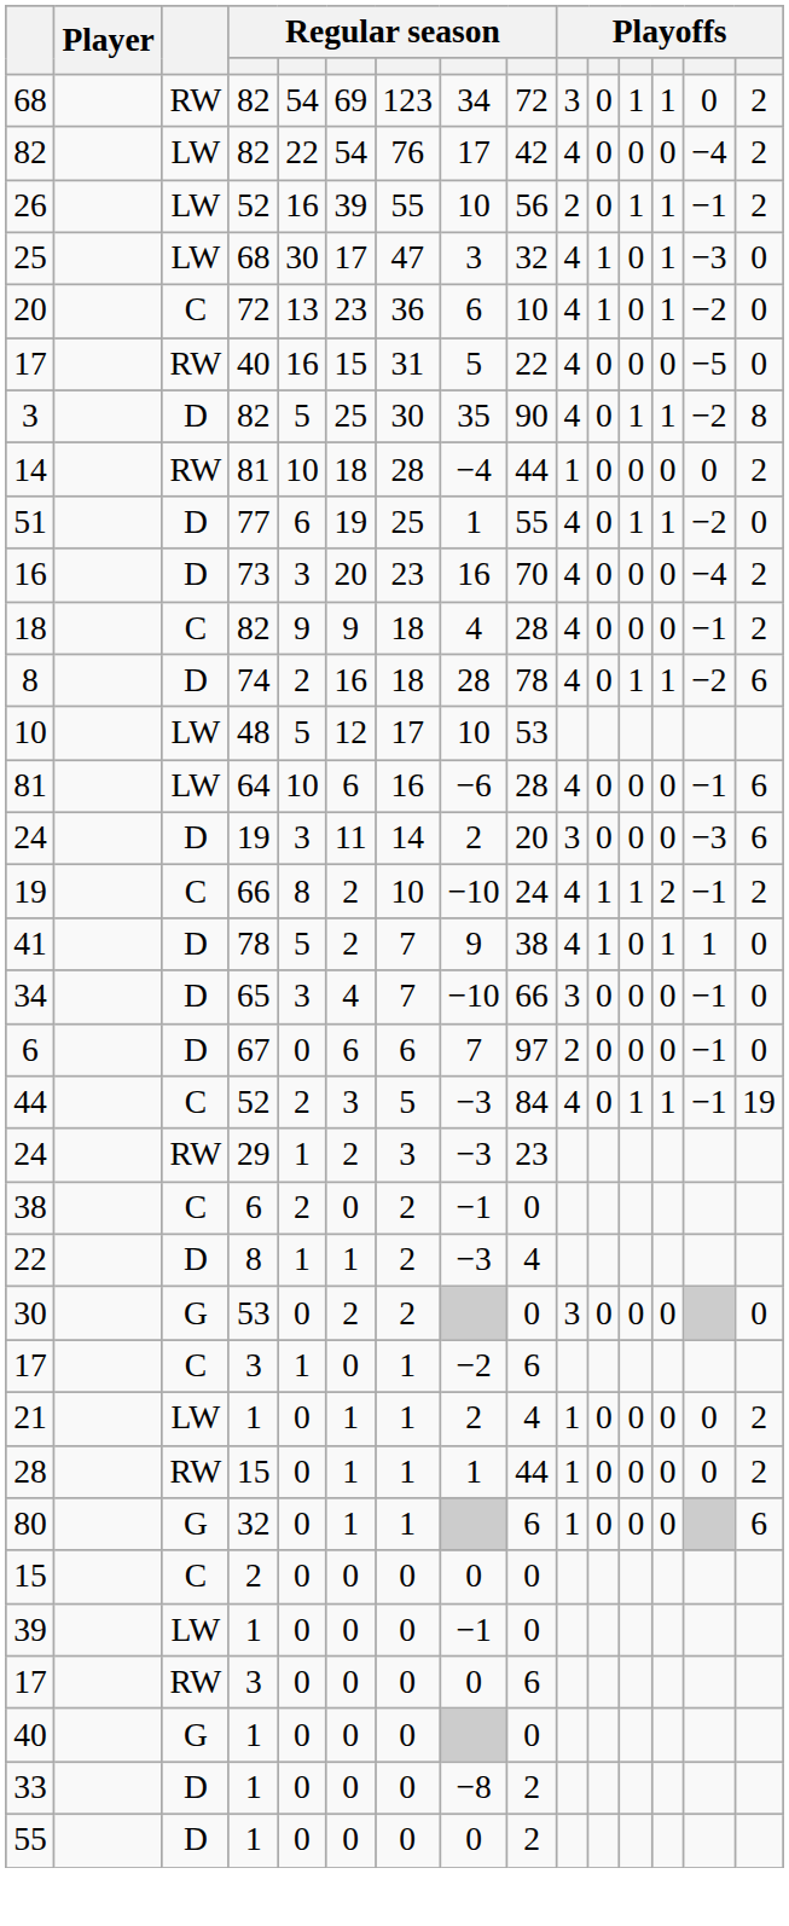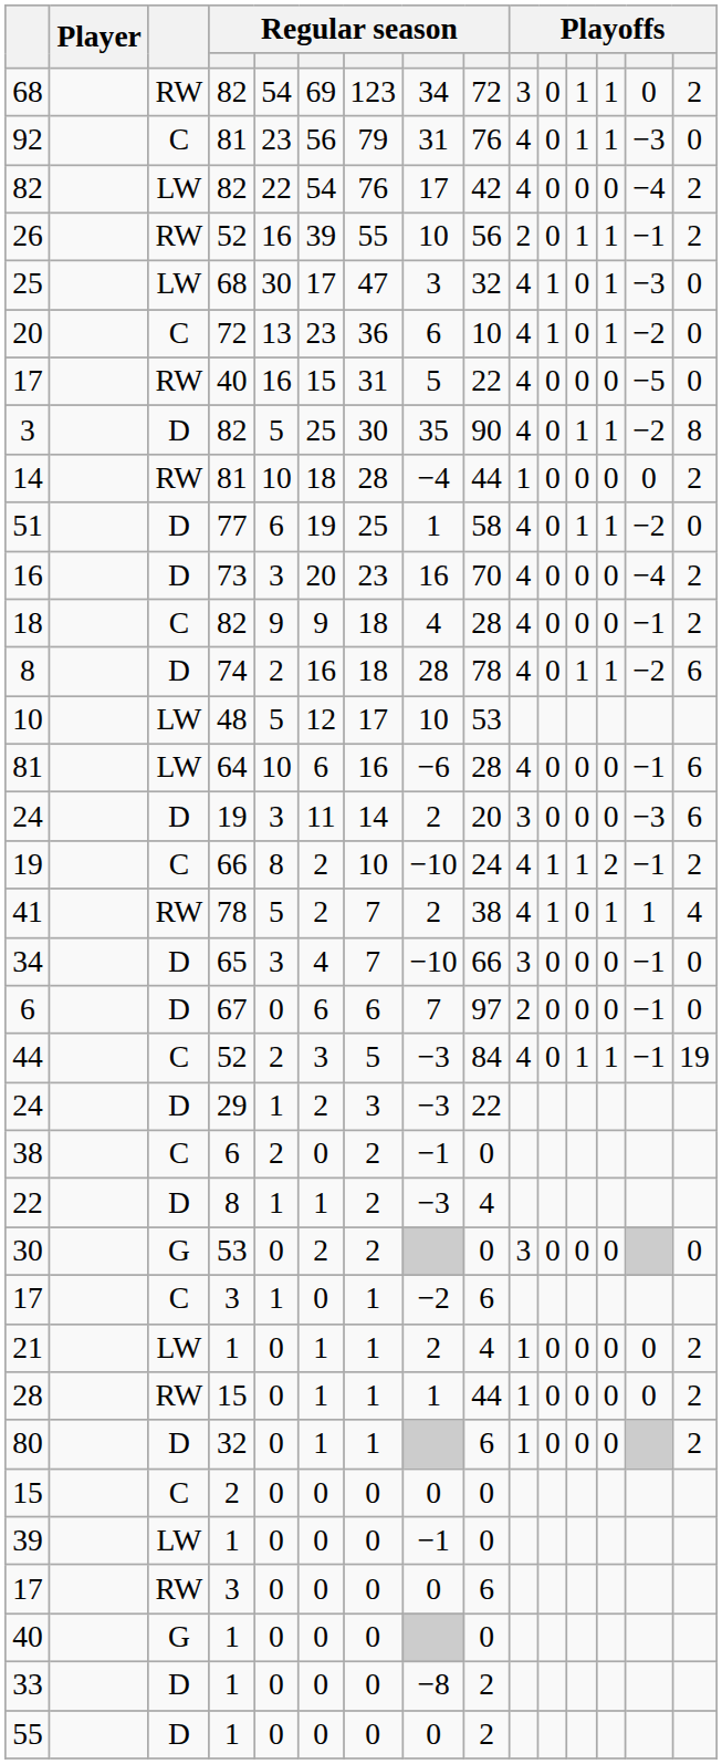 <table class="wikitable sortable plainrowheaders" style="text-align:center;">
 <tr>
 <th scope="col" data-sort-type="number" rowspan="2"></th>
 <th scope="col" rowspan="2">Player</th>
 <th scope="col" rowspan="2"></th>
 <th scope=colgroup colspan=6>Regular season</th>
 <th scope=colgroup colspan=6>Playoffs</th>
 </tr>
 <tr>
 <th scope="col" data-sort-type="number"></th>
 <th scope="col" data-sort-type="number"></th>
 <th scope="col" data-sort-type="number"></th>
 <th scope="col" data-sort-type="number"></th>
 <th scope="col" data-sort-type="number"></th>
 <th scope="col" data-sort-type="number"></th>
 <th scope="col" data-sort-type="number"></th>
 <th scope="col" data-sort-type="number"></th>
 <th scope="col" data-sort-type="number"></th>
 <th scope="col" data-sort-type="number"></th>
 <th scope="col" data-sort-type="number"></th>
 <th scope="col" data-sort-type="number"></th>
 </tr>
 <tr>
 <td scope="row">68</td>
 <td align="left"></td>
 <td>RW</td>
 <td>82</td>
 <td>54</td>
 <td>69</td>
 <td>123</td>
 <td>34</td>
 <td>72</td>
 <td>3</td>
 <td>0</td>
 <td>1</td>
 <td>1</td>
 <td>0</td>
 <td>2</td>
 </tr>
 <tr>
+<td scope="row">92</td>
+<td align="left"></td>
+<td>C</td>
+<td>81</td>
+<td>23</td>
+<td>56</td>
+<td>79</td>
+<td>31</td>
+<td>76</td>
+<td>4</td>
+<td>0</td>
+<td>1</td>
+<td>1</td>
+<td>−3</td>
+<td>0</td>
+</tr>
+<tr>
 <td scope="row">82</td>
 <td align="left"></td>
 <td>LW</td>
 <td>82</td>
 <td>22</td>
 <td>54</td>
 <td>76</td>
 <td>17</td>
 <td>42</td>
 <td>4</td>
 <td>0</td>
 <td>0</td>
 <td>0</td>
 <td>−4</td>
 <td>2</td>
 </tr>
 <tr>
 <td scope="row">26</td>
 <td align="left"></td>
-<td>LW</td>
+<td>RW</td>
 <td>52</td>
 <td>16</td>
 <td>39</td>
 <td>55</td>
 <td>10</td>
 <td>56</td>
 <td>2</td>
 <td>0</td>
 <td>1</td>
 <td>1</td>
 <td>−1</td>
 <td>2</td>
 </tr>
 <tr>
 <td scope="row">25</td>
 <td align="left"></td>
 <td>LW</td>
 <td>68</td>
 <td>30</td>
 <td>17</td>
 <td>47</td>
 <td>3</td>
 <td>32</td>
 <td>4</td>
 <td>1</td>
 <td>0</td>
 <td>1</td>
 <td>−3</td>
 <td>0</td>
 </tr>
 <tr>
 <td scope="row">20</td>
 <td align="left"></td>
 <td>C</td>
 <td>72</td>
 <td>13</td>
 <td>23</td>
 <td>36</td>
 <td>6</td>
 <td>10</td>
 <td>4</td>
 <td>1</td>
 <td>0</td>
 <td>1</td>
 <td>−2</td>
 <td>0</td>
 </tr>
 <tr>
 <td scope="row">17</td>
 <td align="left"></td>
 <td>RW</td>
 <td>40</td>
 <td>16</td>
 <td>15</td>
 <td>31</td>
 <td>5</td>
 <td>22</td>
 <td>4</td>
 <td>0</td>
 <td>0</td>
 <td>0</td>
 <td>−5</td>
 <td>0</td>
 </tr>
 <tr>
 <td scope="row">3</td>
 <td align="left"></td>
 <td>D</td>
 <td>82</td>
 <td>5</td>
 <td>25</td>
 <td>30</td>
 <td>35</td>
 <td>90</td>
 <td>4</td>
 <td>0</td>
 <td>1</td>
 <td>1</td>
 <td>−2</td>
 <td>8</td>
 </tr>
 <tr>
 <td scope="row">14</td>
 <td align="left"></td>
 <td>RW</td>
 <td>81</td>
 <td>10</td>
 <td>18</td>
 <td>28</td>
 <td>−4</td>
 <td>44</td>
 <td>1</td>
 <td>0</td>
 <td>0</td>
 <td>0</td>
 <td>0</td>
 <td>2</td>
 </tr>
 <tr>
 <td scope="row">51</td>
 <td align="left"></td>
 <td>D</td>
 <td>77</td>
 <td>6</td>
 <td>19</td>
 <td>25</td>
 <td>1</td>
-<td>55</td>
+<td>58</td>
 <td>4</td>
 <td>0</td>
 <td>1</td>
 <td>1</td>
 <td>−2</td>
 <td>0</td>
 </tr>
 <tr>
 <td scope="row">16</td>
 <td align="left"></td>
 <td>D</td>
 <td>73</td>
 <td>3</td>
 <td>20</td>
 <td>23</td>
 <td>16</td>
 <td>70</td>
 <td>4</td>
 <td>0</td>
 <td>0</td>
 <td>0</td>
 <td>−4</td>
 <td>2</td>
 </tr>
 <tr>
 <td scope="row">18</td>
 <td align="left"></td>
 <td>C</td>
 <td>82</td>
 <td>9</td>
 <td>9</td>
 <td>18</td>
 <td>4</td>
 <td>28</td>
 <td>4</td>
 <td>0</td>
 <td>0</td>
 <td>0</td>
 <td>−1</td>
 <td>2</td>
 </tr>
 <tr>
 <td scope="row">8</td>
 <td align="left"></td>
 <td>D</td>
 <td>74</td>
 <td>2</td>
 <td>16</td>
 <td>18</td>
 <td>28</td>
 <td>78</td>
 <td>4</td>
 <td>0</td>
 <td>1</td>
 <td>1</td>
 <td>−2</td>
 <td>6</td>
 </tr>
 <tr>
 <td scope="row">10</td>
 <td align="left"></td>
 <td>LW</td>
 <td>48</td>
 <td>5</td>
 <td>12</td>
 <td>17</td>
 <td>10</td>
 <td>53</td>
 <td></td>
 <td></td>
 <td></td>
 <td></td>
 <td></td>
 <td></td>
 </tr>
 <tr>
 <td scope="row">81</td>
 <td align="left"></td>
 <td>LW</td>
 <td>64</td>
 <td>10</td>
 <td>6</td>
 <td>16</td>
 <td>−6</td>
 <td>28</td>
 <td>4</td>
 <td>0</td>
 <td>0</td>
 <td>0</td>
 <td>−1</td>
 <td>6</td>
 </tr>
 <tr>
 <td scope="row">24</td>
 <td align="left"></td>
 <td>D</td>
 <td>19</td>
 <td>3</td>
 <td>11</td>
 <td>14</td>
 <td>2</td>
 <td>20</td>
 <td>3</td>
 <td>0</td>
 <td>0</td>
 <td>0</td>
 <td>−3</td>
 <td>6</td>
 </tr>
 <tr>
 <td scope="row">19</td>
 <td align="left"></td>
 <td>C</td>
 <td>66</td>
 <td>8</td>
 <td>2</td>
 <td>10</td>
 <td>−10</td>
 <td>24</td>
 <td>4</td>
 <td>1</td>
 <td>1</td>
 <td>2</td>
 <td>−1</td>
 <td>2</td>
 </tr>
 <tr>
 <td scope="row">41</td>
 <td align="left"></td>
-<td>D</td>
+<td>RW</td>
 <td>78</td>
 <td>5</td>
 <td>2</td>
 <td>7</td>
-<td>9</td>
+<td>2</td>
 <td>38</td>
 <td>4</td>
 <td>1</td>
 <td>0</td>
 <td>1</td>
 <td>1</td>
-<td>0</td>
+<td>4</td>
 </tr>
 <tr>
 <td scope="row">34</td>
 <td align="left"></td>
 <td>D</td>
 <td>65</td>
 <td>3</td>
 <td>4</td>
 <td>7</td>
 <td>−10</td>
 <td>66</td>
 <td>3</td>
 <td>0</td>
 <td>0</td>
 <td>0</td>
 <td>−1</td>
 <td>0</td>
 </tr>
 <tr>
 <td scope="row">6</td>
 <td align="left"></td>
 <td>D</td>
 <td>67</td>
 <td>0</td>
 <td>6</td>
 <td>6</td>
 <td>7</td>
 <td>97</td>
 <td>2</td>
 <td>0</td>
 <td>0</td>
 <td>0</td>
 <td>−1</td>
 <td>0</td>
 </tr>
 <tr>
 <td scope="row">44</td>
 <td align="left"></td>
 <td>C</td>
 <td>52</td>
 <td>2</td>
 <td>3</td>
 <td>5</td>
 <td>−3</td>
 <td>84</td>
 <td>4</td>
 <td>0</td>
 <td>1</td>
 <td>1</td>
 <td>−1</td>
 <td>19</td>
 </tr>
 <tr>
 <td scope="row">24</td>
 <td align="left"></td>
-<td>RW</td>
+<td>D</td>
 <td>29</td>
 <td>1</td>
 <td>2</td>
 <td>3</td>
 <td>−3</td>
-<td>23</td>
+<td>22</td>
 <td></td>
 <td></td>
 <td></td>
 <td></td>
 <td></td>
 <td></td>
 </tr>
 <tr>
 <td scope="row">38</td>
 <td align="left"></td>
 <td>C</td>
 <td>6</td>
 <td>2</td>
 <td>0</td>
 <td>2</td>
 <td>−1</td>
 <td>0</td>
 <td></td>
 <td></td>
 <td></td>
 <td></td>
 <td></td>
 <td></td>
 </tr>
 <tr>
 <td scope="row">22</td>
 <td align="left"></td>
 <td>D</td>
 <td>8</td>
 <td>1</td>
 <td>1</td>
 <td>2</td>
 <td>−3</td>
 <td>4</td>
 <td></td>
 <td></td>
 <td></td>
 <td></td>
 <td></td>
 <td></td>
 </tr>
 <tr>
 <td scope="row">30</td>
 <td align="left"></td>
 <td>G</td>
 <td>53</td>
 <td>0</td>
 <td>2</td>
 <td>2</td>
 <td style="background:#ccc"></td>
 <td>0</td>
 <td>3</td>
 <td>0</td>
 <td>0</td>
 <td>0</td>
 <td style="background:#ccc"></td>
 <td>0</td>
 </tr>
 <tr>
 <td scope="row">17</td>
 <td align="left"></td>
 <td>C</td>
 <td>3</td>
 <td>1</td>
 <td>0</td>
 <td>1</td>
 <td>−2</td>
 <td>6</td>
 <td></td>
 <td></td>
 <td></td>
 <td></td>
 <td></td>
 <td></td>
 </tr>
 <tr>
 <td scope="row">21</td>
 <td align="left"></td>
 <td>LW</td>
 <td>1</td>
 <td>0</td>
 <td>1</td>
 <td>1</td>
 <td>2</td>
 <td>4</td>
 <td>1</td>
 <td>0</td>
 <td>0</td>
 <td>0</td>
 <td>0</td>
 <td>2</td>
 </tr>
 <tr>
 <td scope="row">28</td>
 <td align="left"></td>
 <td>RW</td>
 <td>15</td>
 <td>0</td>
 <td>1</td>
 <td>1</td>
 <td>1</td>
 <td>44</td>
 <td>1</td>
 <td>0</td>
 <td>0</td>
 <td>0</td>
 <td>0</td>
 <td>2</td>
 </tr>
 <tr>
 <td scope="row">80</td>
 <td align="left"></td>
-<td>G</td>
+<td>D</td>
 <td>32</td>
 <td>0</td>
 <td>1</td>
 <td>1</td>
 <td style="background:#ccc"></td>
 <td>6</td>
 <td>1</td>
 <td>0</td>
 <td>0</td>
 <td>0</td>
 <td style="background:#ccc"></td>
-<td>6</td>
+<td>2</td>
 </tr>
 <tr>
 <td scope="row">15</td>
 <td align="left"></td>
 <td>C</td>
 <td>2</td>
 <td>0</td>
 <td>0</td>
 <td>0</td>
 <td>0</td>
 <td>0</td>
 <td></td>
 <td></td>
 <td></td>
 <td></td>
 <td></td>
 <td></td>
 </tr>
 <tr>
 <td scope="row">39</td>
 <td align="left"></td>
 <td>LW</td>
 <td>1</td>
 <td>0</td>
 <td>0</td>
 <td>0</td>
 <td>−1</td>
 <td>0</td>
 <td></td>
 <td></td>
 <td></td>
 <td></td>
 <td></td>
 <td></td>
 </tr>
 <tr>
 <td scope="row">17</td>
 <td align="left"></td>
 <td>RW</td>
 <td>3</td>
 <td>0</td>
 <td>0</td>
 <td>0</td>
 <td>0</td>
 <td>6</td>
 <td></td>
 <td></td>
 <td></td>
 <td></td>
 <td></td>
 <td></td>
 </tr>
 <tr>
 <td scope="row">40</td>
 <td align="left"></td>
 <td>G</td>
 <td>1</td>
 <td>0</td>
 <td>0</td>
 <td>0</td>
 <td style="background:#ccc"></td>
 <td>0</td>
 <td></td>
 <td></td>
 <td></td>
 <td></td>
 <td></td>
 <td></td>
 </tr>
 <tr>
 <td scope="row">33</td>
 <td align="left"></td>
 <td>D</td>
 <td>1</td>
 <td>0</td>
 <td>0</td>
 <td>0</td>
 <td>−8</td>
 <td>2</td>
 <td></td>
 <td></td>
 <td></td>
 <td></td>
 <td></td>
 <td></td>
 </tr>
 <tr>
 <td scope="row">55</td>
 <td align="left"></td>
 <td>D</td>
 <td>1</td>
 <td>0</td>
 <td>0</td>
 <td>0</td>
 <td>0</td>
 <td>2</td>
 <td></td>
 <td></td>
 <td></td>
 <td></td>
 <td></td>
 <td></td>
 </tr>
 </table>
